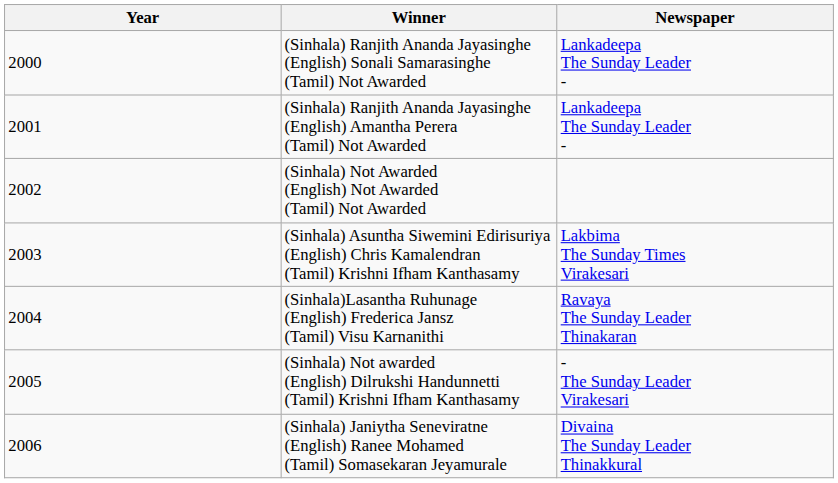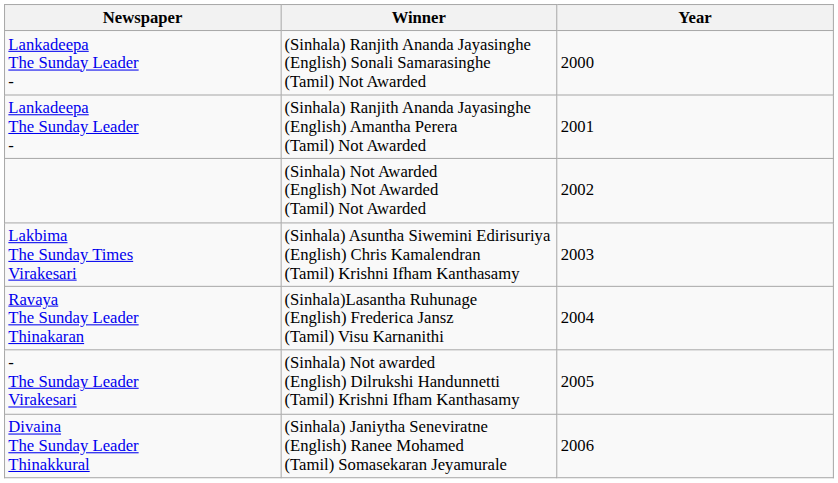 <table class="wikitable sortable mw-collapsible mw-collapsed">
 <tr>
+<th width="33%">Newspaper</th>
+<th width="33%">Winner</th>
 <th width="33%">Year</th>
-<th width="33%">Winner</th>
-<th width="33%">Newspaper</th>
 </tr>
 <tr>
+<td><a href='#'>Lankadeepa</a><br><a href='#'>The Sunday Leader</a><br>-</td>
+<td>(Sinhala) Ranjith Ananda Jayasinghe<br>(English) Sonali Samarasinghe<br>(Tamil) Not Awarded</td>
 <td>2000</td>
-<td>(Sinhala) Ranjith Ananda Jayasinghe<br>(English) Sonali Samarasinghe<br>(Tamil) Not Awarded</td>
-<td><a href='#'>Lankadeepa</a><br><a href='#'>The Sunday Leader</a><br>-</td>
 </tr>
 <tr>
+<td><a href='#'>Lankadeepa</a><br><a href='#'>The Sunday Leader</a><br>-</td>
+<td>(Sinhala) Ranjith Ananda Jayasinghe<br>(English) Amantha Perera<br>(Tamil) Not Awarded</td>
 <td>2001</td>
-<td>(Sinhala) Ranjith Ananda Jayasinghe<br>(English) Amantha Perera<br>(Tamil) Not Awarded</td>
-<td><a href='#'>Lankadeepa</a><br><a href='#'>The Sunday Leader</a><br>-</td>
 </tr>
 <tr>
+<td></td>
+<td>(Sinhala) Not Awarded<br>(English) Not Awarded<br>(Tamil) Not Awarded</td>
 <td>2002</td>
-<td>(Sinhala) Not Awarded<br>(English) Not Awarded<br>(Tamil) Not Awarded</td>
-<td></td>
 </tr>
 <tr>
+<td><a href='#'>Lakbima</a><br><a href='#'>The Sunday Times</a><br><a href='#'>Virakesari</a></td>
+<td>(Sinhala) Asuntha Siwemini Edirisuriya<br>(English) Chris Kamalendran<br>(Tamil) Krishni Ifham Kanthasamy</td>
 <td>2003</td>
-<td>(Sinhala) Asuntha Siwemini Edirisuriya<br>(English) Chris Kamalendran<br>(Tamil) Krishni Ifham Kanthasamy</td>
-<td><a href='#'>Lakbima</a><br><a href='#'>The Sunday Times</a><br><a href='#'>Virakesari</a></td>
 </tr>
 <tr>
+<td><a href='#'>Ravaya</a><br><a href='#'>The Sunday Leader</a><br><a href='#'>Thinakaran</a></td>
+<td>(Sinhala)Lasantha Ruhunage<br>(English) Frederica Jansz<br>(Tamil) Visu Karnanithi</td>
 <td>2004</td>
-<td>(Sinhala)Lasantha Ruhunage<br>(English) Frederica Jansz<br>(Tamil) Visu Karnanithi</td>
-<td><a href='#'>Ravaya</a><br><a href='#'>The Sunday Leader</a><br><a href='#'>Thinakaran</a></td>
 </tr>
 <tr>
+<td>-<br><a href='#'>The Sunday Leader</a><br><a href='#'>Virakesari</a></td>
+<td>(Sinhala) Not awarded<br>(English) Dilrukshi Handunnetti<br>(Tamil) Krishni Ifham Kanthasamy</td>
 <td>2005</td>
-<td>(Sinhala) Not awarded<br>(English) Dilrukshi Handunnetti<br>(Tamil) Krishni Ifham Kanthasamy</td>
-<td>-<br><a href='#'>The Sunday Leader</a><br><a href='#'>Virakesari</a></td>
 </tr>
 <tr>
+<td><a href='#'>Divaina</a><br><a href='#'>The Sunday Leader</a><br><a href='#'>Thinakkural</a></td>
+<td>(Sinhala) Janiytha Seneviratne<br>(English) Ranee Mohamed<br>(Tamil) Somasekaran Jeyamurale</td>
 <td>2006</td>
-<td>(Sinhala) Janiytha Seneviratne<br>(English) Ranee Mohamed<br>(Tamil) Somasekaran Jeyamurale</td>
-<td><a href='#'>Divaina</a><br><a href='#'>The Sunday Leader</a><br><a href='#'>Thinakkural</a></td>
 </tr>
 </table>
